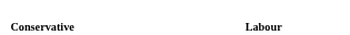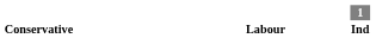 <table style="width:100%; text-align:center;">
 <tr style="color:white;">
 <td style="background-color:"><strong>57</strong></td>
 <td style="background-color:"><strong>4</strong></td>
+<td style="background-color:gray; width:1.6%;"><strong>1</strong></td>
 </tr>
 <tr>
 <td><span><strong>Conservative</strong></span></td>
 <td><span><strong>Labour</strong></span></td>
+<td><span><strong>Ind</strong></span></td>
 </tr>
 </table>
